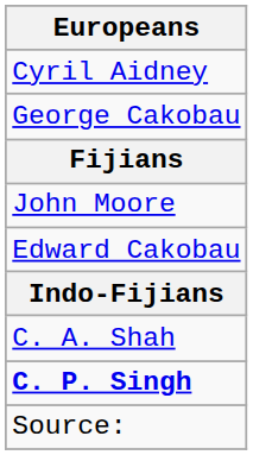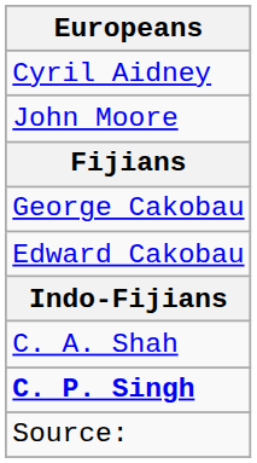 <table class=wikitable>
 <tr>
 <th>Europeans</th>
 </tr>
 <tr>
 <td><a href='#'>Cyril Aidney</a></td>
 </tr>
 <tr>
-<td><a href='#'>George Cakobau</a></td>
+<td><a href='#'>John Moore</a></td>
 </tr>
 <tr>
 <th>Fijians</th>
 </tr>
 <tr>
-<td><a href='#'>John Moore</a></td>
+<td><a href='#'>George Cakobau</a></td>
 </tr>
 <tr>
 <td><a href='#'>Edward Cakobau</a></td>
 </tr>
 <tr>
 <th>Indo-Fijians</th>
 </tr>
 <tr>
 <td><a href='#'>C. A. Shah</a></td>
 </tr>
 <tr>
 <td><strong><a href='#'>C. P. Singh</a></strong></td>
 </tr>
 <tr>
 <td>Source: </td>
 </tr>
 </table>
